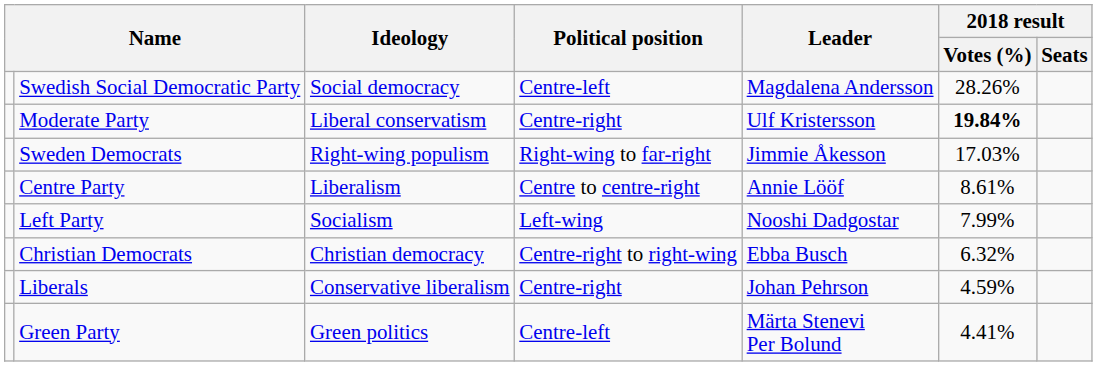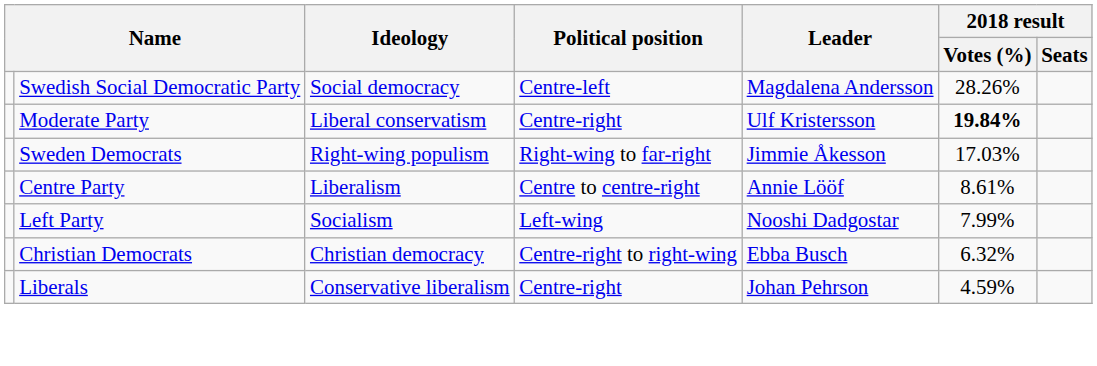 <table class="wikitable" style="text-align:left">
 <tr>
 <th colspan="2" rowspan="2">Name</th>
 <th rowspan="2">Ideology</th>
 <th rowspan="2">Political position</th>
 <th rowspan="2">Leader</th>
 <th colspan="2">2018 result</th>
 </tr>
 <tr>
 <th>Votes (%)</th>
 <th>Seats</th>
 </tr>
 <tr>
 <td style="background:"></td>
 <td><a href='#'>Swedish Social Democratic Party</a></td>
 <td><a href='#'>Social democracy</a></td>
 <td><a href='#'>Centre-left</a></td>
 <td><a href='#'>Magdalena Andersson</a></td>
 <td style="text-align:center;">28.26%</td>
 <td></td>
 </tr>
 <tr>
 <td style="background:"></td>
 <td><a href='#'>Moderate Party</a></td>
 <td><a href='#'>Liberal conservatism</a></td>
 <td><a href='#'>Centre-right</a></td>
 <td><a href='#'>Ulf Kristersson</a></td>
 <td style="text-align:center;"><strong>19.84%</strong></td>
 <td></td>
 </tr>
 <tr>
 <td style="background:"></td>
 <td><a href='#'>Sweden Democrats</a></td>
 <td><a href='#'>Right-wing populism</a></td>
 <td><a href='#'>Right-wing</a> to <a href='#'>far-right</a></td>
 <td><a href='#'>Jimmie Åkesson</a></td>
 <td style="text-align:center;">17.03%</td>
 <td></td>
 </tr>
 <tr>
 <td style="background:"></td>
 <td><a href='#'>Centre Party</a></td>
 <td><a href='#'>Liberalism</a></td>
 <td><a href='#'>Centre</a> to <a href='#'>centre-right</a></td>
 <td><a href='#'>Annie Lööf</a></td>
 <td style="text-align:center;">8.61%</td>
 <td></td>
 </tr>
 <tr>
 <td style="background:"></td>
 <td><a href='#'>Left Party</a></td>
 <td><a href='#'>Socialism</a></td>
 <td><a href='#'>Left-wing</a></td>
 <td><a href='#'>Nooshi Dadgostar</a></td>
 <td style="text-align:center;">7.99%</td>
 <td></td>
 </tr>
 <tr>
 <td style="background:"></td>
 <td><a href='#'>Christian Democrats</a></td>
 <td><a href='#'>Christian democracy</a></td>
 <td><a href='#'>Centre-right</a> to <a href='#'>right-wing</a></td>
 <td><a href='#'>Ebba Busch</a></td>
 <td style="text-align:center;">6.32%</td>
 <td></td>
 </tr>
 <tr>
 <td style="background:"></td>
 <td><a href='#'>Liberals</a></td>
 <td><a href='#'>Conservative liberalism</a></td>
 <td><a href='#'>Centre-right</a></td>
 <td><a href='#'>Johan Pehrson</a></td>
 <td style="text-align:center;">4.59%</td>
 <td></td>
 </tr>
-<tr>
-<td style="background:"></td>
-<td><a href='#'>Green Party</a></td>
-<td><a href='#'>Green politics</a></td>
-<td><a href='#'>Centre-left</a></td>
-<td><a href='#'>Märta Stenevi</a><br><a href='#'>Per Bolund</a></td>
-<td style="text-align:center;">4.41%</td>
-<td></td>
-</tr>
 </table>
